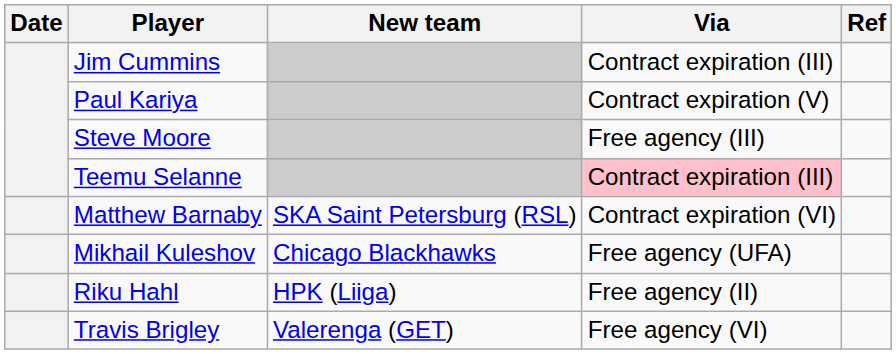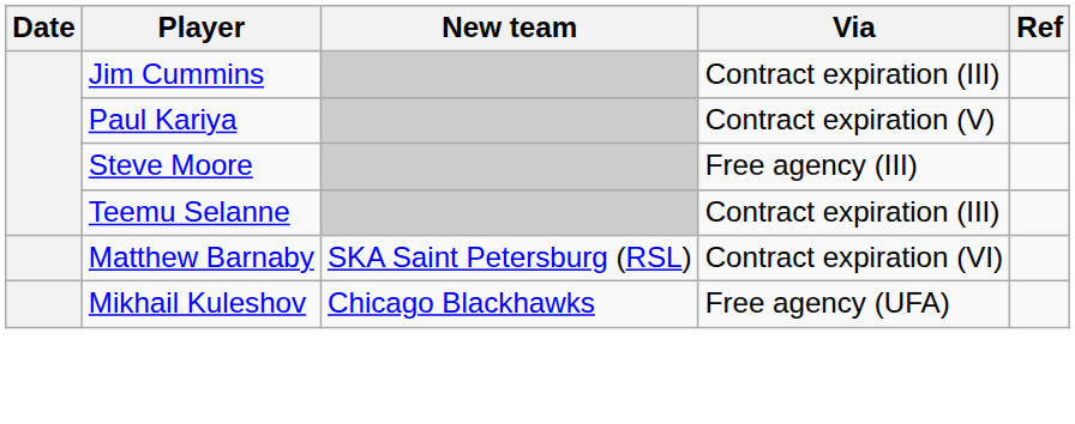 <table class="wikitable plainrowheaders">
 <tr style="background:#ddd; text-align:center;">
 <th>Date</th>
 <th>Player</th>
 <th>New team</th>
 <th>Via</th>
 <th>Ref</th>
 </tr>
 <tr>
 <th scope="row" rowspan=4></th>
 <td><a href='#'>Jim Cummins</a></td>
 <td style="background:#ccc"></td>
 <td>Contract expiration (III)</td>
 <td></td>
 </tr>
 <tr>
 <td><a href='#'>Paul Kariya</a></td>
 <td style="background:#ccc"></td>
 <td>Contract expiration (V)</td>
 <td></td>
 </tr>
 <tr>
 <td><a href='#'>Steve Moore</a></td>
 <td style="background:#ccc"></td>
 <td>Free agency (III)</td>
 <td></td>
 </tr>
 <tr>
 <td><a href='#'>Teemu Selanne</a></td>
 <td style="background:#ccc"></td>
-<td style="background: pink;">Contract expiration (III)</td>
+<td>Contract expiration (III)</td>
 <td></td>
 </tr>
 <tr>
 <th scope="row"></th>
 <td><a href='#'>Matthew Barnaby</a></td>
 <td><a href='#'>SKA Saint Petersburg</a> (<a href='#'>RSL</a>)</td>
 <td>Contract expiration (VI)</td>
 <td></td>
 </tr>
 <tr>
 <th scope="row"></th>
 <td><a href='#'>Mikhail Kuleshov</a></td>
 <td><a href='#'>Chicago Blackhawks</a></td>
 <td>Free agency (UFA)</td>
 <td></td>
 </tr>
-<tr>
-<th scope="row"></th>
-<td><a href='#'>Riku Hahl</a></td>
-<td><a href='#'>HPK</a> (<a href='#'>Liiga</a>)</td>
-<td>Free agency (II)</td>
-<td></td>
-</tr>
-<tr>
-<th scope="row"></th>
-<td><a href='#'>Travis Brigley</a></td>
-<td><a href='#'>Valerenga</a> (<a href='#'>GET</a>)</td>
-<td>Free agency (VI)</td>
-<td></td>
-</tr>
 </table>
